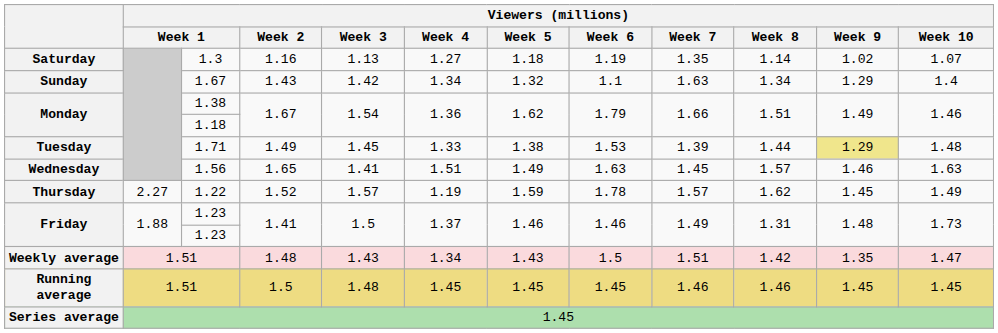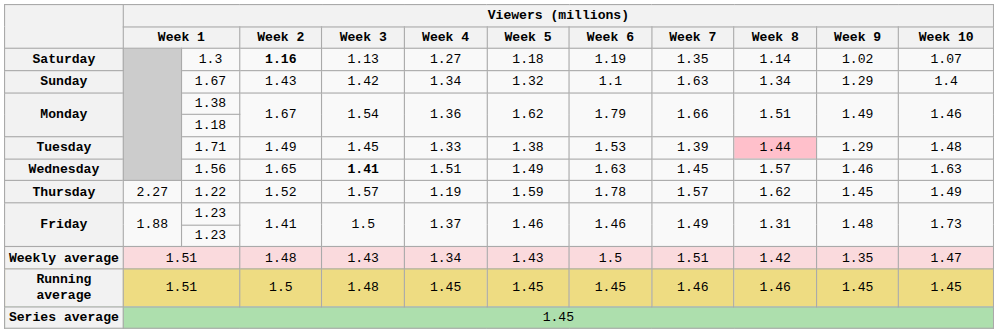 <table class="wikitable" style="font-size:90%; text-align:center; width: 100%; margin-left: auto; margin-right: auto;">
 <tr>
 <th scope="col" rowspan="2" style="width:12%;"></th>
 <th scope=col colspan=13>Viewers (millions)</th>
 </tr>
 <tr>
 <th colspan=2>Week 1</th>
 <th>Week 2</th>
 <th>Week 3</th>
 <th>Week 4</th>
 <th>Week 5</th>
 <th>Week 6</th>
 <th>Week 7</th>
 <th>Week 8</th>
 <th>Week 9</th>
 <th>Week 10</th>
 </tr>
 <tr>
 <th>Saturday</th>
 <td rowspan="6" style="background:#CCCCCC"></td>
 <td>1.3</td>
-<td>1.16</td>
+<td><strong>1.16</strong></td>
 <td>1.13</td>
 <td>1.27</td>
 <td>1.18</td>
 <td>1.19</td>
 <td>1.35</td>
 <td>1.14</td>
 <td>1.02</td>
 <td>1.07</td>
 </tr>
 <tr>
 <th>Sunday</th>
 <td>1.67</td>
 <td>1.43</td>
 <td>1.42</td>
 <td>1.34</td>
 <td>1.32</td>
 <td>1.1</td>
 <td>1.63</td>
 <td>1.34</td>
 <td>1.29</td>
 <td>1.4</td>
 </tr>
 <tr>
 <th rowspan="2">Monday</th>
 <td>1.38</td>
 <td rowspan="2">1.67</td>
 <td rowspan="2">1.54</td>
 <td rowspan="2">1.36</td>
 <td rowspan="2">1.62</td>
 <td rowspan="2">1.79</td>
 <td rowspan="2">1.66</td>
 <td rowspan="2">1.51</td>
 <td rowspan="2">1.49</td>
 <td rowspan="2">1.46</td>
 </tr>
 <tr>
 <td>1.18</td>
 </tr>
 <tr>
 <th>Tuesday</th>
 <td>1.71</td>
 <td>1.49</td>
 <td>1.45</td>
 <td>1.33</td>
 <td>1.38</td>
 <td>1.53</td>
 <td>1.39</td>
-<td>1.44</td>
-<td style="background: khaki;">1.29</td>
+<td style="background: pink;">1.44</td>
+<td>1.29</td>
 <td>1.48</td>
 </tr>
 <tr>
 <th>Wednesday</th>
 <td>1.56</td>
 <td>1.65</td>
-<td>1.41</td>
+<td><strong>1.41</strong></td>
 <td>1.51</td>
 <td>1.49</td>
 <td>1.63</td>
 <td>1.45</td>
 <td>1.57</td>
 <td>1.46</td>
 <td>1.63</td>
 </tr>
 <tr>
 <th>Thursday</th>
 <td>2.27</td>
 <td>1.22</td>
 <td>1.52</td>
 <td>1.57</td>
 <td>1.19</td>
 <td>1.59</td>
 <td>1.78</td>
 <td>1.57</td>
 <td>1.62</td>
 <td>1.45</td>
 <td>1.49</td>
 </tr>
 <tr>
 <th rowspan=2>Friday</th>
 <td rowspan=2>1.88</td>
 <td>1.23</td>
 <td rowspan=2>1.41</td>
 <td rowspan=2>1.5</td>
 <td rowspan=2>1.37</td>
 <td rowspan=2>1.46</td>
 <td rowspan=2>1.46</td>
 <td rowspan=2>1.49</td>
 <td rowspan=2>1.31</td>
 <td rowspan=2>1.48</td>
 <td rowspan=2>1.73</td>
 </tr>
 <tr>
 <td>1.23</td>
 </tr>
 <tr style="background:#FADADD;" |>
 <th>Weekly average</th>
 <td colspan=2>1.51</td>
 <td>1.48</td>
 <td>1.43</td>
 <td>1.34</td>
 <td>1.43</td>
 <td>1.5</td>
 <td>1.51</td>
 <td>1.42</td>
 <td>1.35</td>
 <td>1.47</td>
 </tr>
 <tr style="background:#EEDC82;" |>
 <th>Running average</th>
 <td colspan=2>1.51</td>
 <td>1.5</td>
 <td>1.48</td>
 <td>1.45</td>
 <td>1.45</td>
 <td>1.45</td>
 <td>1.46</td>
 <td>1.46</td>
 <td>1.45</td>
 <td>1.45</td>
 </tr>
 <tr style="background:#ADDFAD;" |>
 <th>Series average</th>
 <td colspan="11">1.45</td>
 </tr>
 </table>
